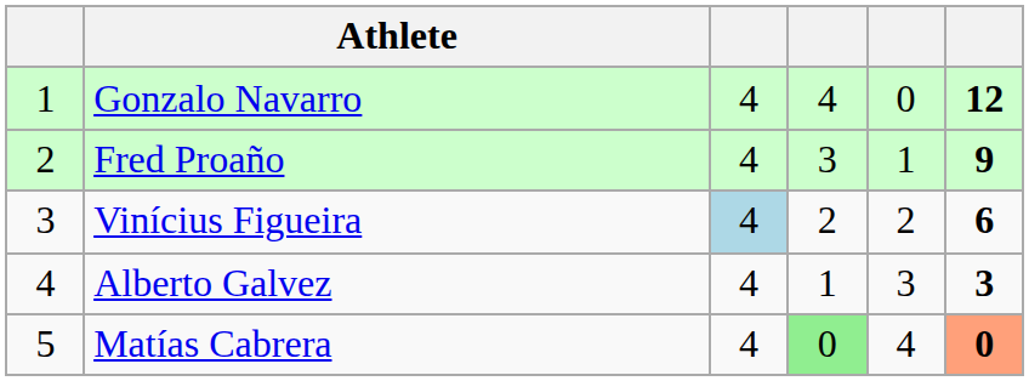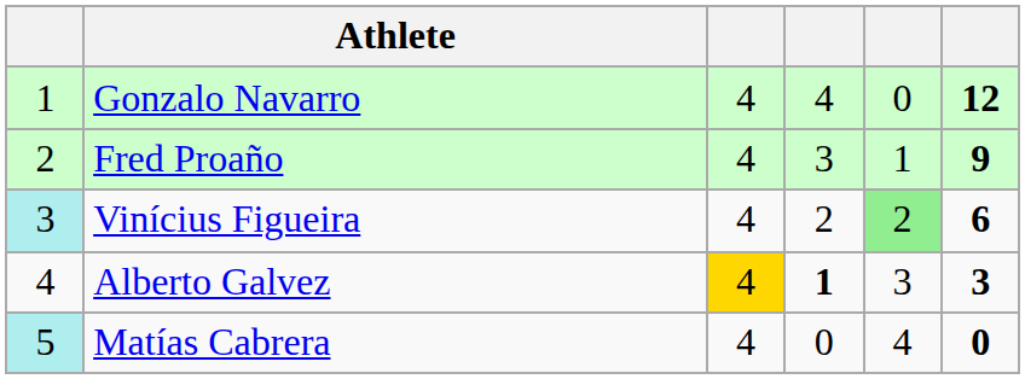 <table class="wikitable" style="text-align: center; font-size:100% ">
 <tr>
 <th width=25></th>
 <th width=250>Athlete</th>
 <th width=25></th>
 <th width=25></th>
 <th width=25></th>
 <th width=25></th>
 </tr>
 <tr bgcolor="ccffcc">
 <td>1</td>
 <td align=left> <a href='#'>Gonzalo Navarro</a></td>
 <td>4</td>
 <td>4</td>
 <td>0</td>
 <td><strong>12</strong></td>
 </tr>
 <tr bgcolor="ccffcc">
 <td>2</td>
 <td align=left> <a href='#'>Fred Proaño</a></td>
 <td>4</td>
 <td>3</td>
 <td>1</td>
 <td><strong>9</strong></td>
 </tr>
 <tr>
-<td>3</td>
+<td style="background: paleturquoise;">3</td>
 <td align=left> <a href='#'>Vinícius Figueira</a></td>
-<td style="background: lightblue;">4</td>
+<td>4</td>
 <td>2</td>
-<td>2</td>
+<td style="background: lightgreen;">2</td>
 <td><strong>6</strong></td>
 </tr>
 <tr>
 <td>4</td>
 <td align=left> <a href='#'>Alberto Galvez</a></td>
-<td>4</td>
-<td>1</td>
+<td style="background: gold;">4</td>
+<td><strong>1</strong></td>
 <td>3</td>
 <td><strong>3</strong></td>
 </tr>
 <tr>
-<td>5</td>
+<td style="background: paleturquoise;">5</td>
 <td align=left> <a href='#'>Matías Cabrera</a></td>
 <td>4</td>
-<td style="background: lightgreen;">0</td>
+<td>0</td>
 <td>4</td>
-<td style="background: lightsalmon;"><strong>0</strong></td>
+<td><strong>0</strong></td>
 </tr>
 <tr>
 </tr>
 </table>
